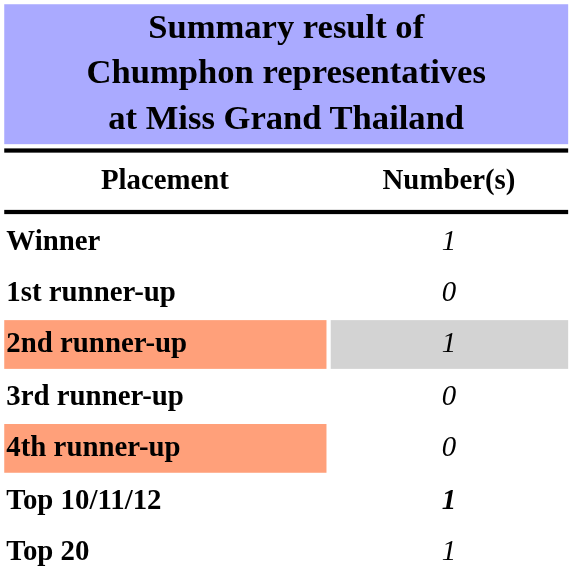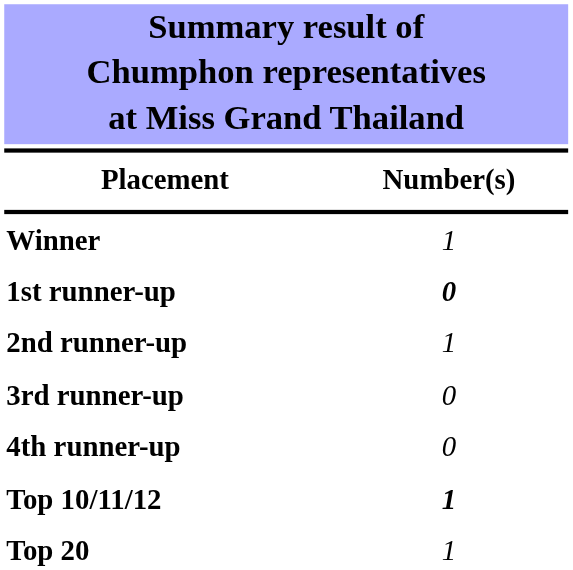 <table style="width: 270px; font-size:85%; line-height:1.5em;">
 <tr>
 <th colspan="2" align="center" style="background:#AAF;"><big>Summary result of<br>Chumphon representatives<br>at Miss Grand Thailand</big></th>
 </tr>
 <tr>
 <td colspan="2" style="background:black"></td>
 </tr>
 <tr>
 <th scope="col">Placement</th>
 <th scope="col">Number(s)</th>
 </tr>
 <tr>
 <td colspan="2" style="background:black"></td>
 </tr>
 <tr>
 <td align="left"><strong>Winner</strong></td>
 <td align="center"><em>1</em></td>
 </tr>
 <tr>
 <td align="left"><strong>1st runner-up</strong></td>
-<td align="center"><em>0</em></td>
+<td align="center"><strong><em>0</em></strong></td>
 </tr>
 <tr>
-<td align="left" style="background: lightsalmon;"><strong>2nd runner-up</strong></td>
-<td align="center" style="background: lightgrey;"><em>1</em></td>
+<td align="left"><strong>2nd runner-up</strong></td>
+<td align="center"><em>1</em></td>
 </tr>
 <tr>
 <td align="left"><strong>3rd runner-up</strong></td>
 <td align="center"><em>0</em></td>
 </tr>
 <tr>
-<td align="left" style="background: lightsalmon;"><strong>4th runner-up</strong></td>
+<td align="left"><strong>4th runner-up</strong></td>
 <td align="center"><em>0</em></td>
 </tr>
 <tr>
 <td align="left"><strong>Top 10/11/12</strong></td>
 <td align="center"><strong><em>1</em></strong></td>
 </tr>
 <tr>
 <td align="left"><strong>Top 20</strong></td>
 <td align="center"><em>1</em></td>
 </tr>
 </table>
